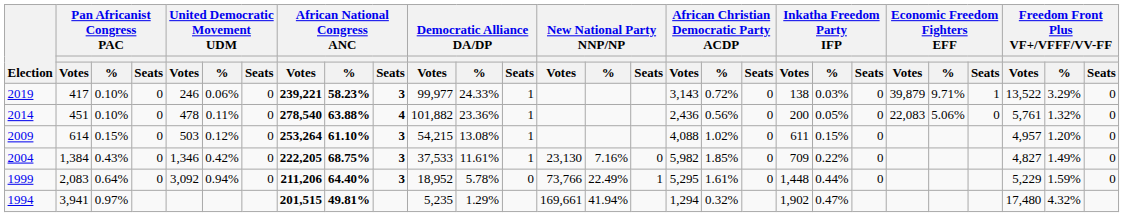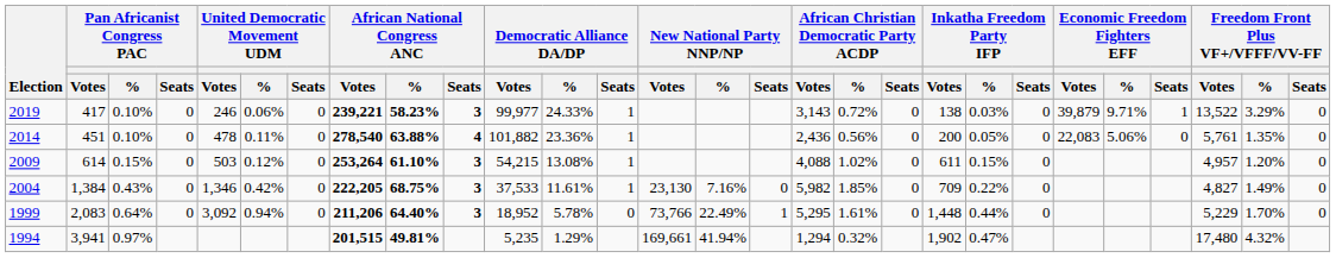 <table class="wikitable" border="1" style="font-size:80%; text-align:right;">
 <tr>
 <th style="text-align:left;" valign=bottom rowspan=3>Election</th>
 <th valign=bottom colspan=3><a href='#'>Pan Africanist<br>Congress</a><br>PAC</th>
 <th valign=bottom colspan=3><a href='#'>United Democratic<br>Movement</a><br>UDM</th>
 <th valign=bottom colspan=3><a href='#'>African National<br>Congress</a><br>ANC</th>
 <th valign=bottom colspan=3><a href='#'>Democratic Alliance</a><br>DA/DP</th>
 <th valign=bottom colspan=3><a href='#'>New National Party</a><br>NNP/NP</th>
 <th valign=bottom colspan=3><a href='#'>African Christian<br>Democratic Party</a><br>ACDP</th>
 <th valign=bottom colspan=3><a href='#'>Inkatha Freedom<br>Party</a><br>IFP</th>
 <th valign=bottom colspan=3><a href='#'>Economic Freedom<br>Fighters</a><br>EFF</th>
 <th valign=bottom colspan=3><a href='#'>Freedom Front<br>Plus</a><br>VF+/VFFF/VV-FF</th>
 </tr>
 <tr>
 <th colspan=3 style="background:"></th>
 <th colspan=3 style="background:"></th>
 <th colspan=3 style="background:"></th>
 <th colspan=3 style="background:"></th>
 <th colspan=3 style="background:"></th>
 <th colspan=3 style="background:"></th>
 <th colspan=3 style="background:"></th>
 <th colspan=3 style="background:"></th>
 <th colspan=3 style="background:"></th>
 </tr>
 <tr>
 <th>Votes</th>
 <th>%</th>
 <th>Seats</th>
 <th>Votes</th>
 <th>%</th>
 <th>Seats</th>
 <th>Votes</th>
 <th>%</th>
 <th>Seats</th>
 <th>Votes</th>
 <th>%</th>
 <th>Seats</th>
 <th>Votes</th>
 <th>%</th>
 <th>Seats</th>
 <th>Votes</th>
 <th>%</th>
 <th>Seats</th>
 <th>Votes</th>
 <th>%</th>
 <th>Seats</th>
 <th>Votes</th>
 <th>%</th>
 <th>Seats</th>
 <th>Votes</th>
 <th>%</th>
 <th>Seats</th>
 </tr>
 <tr>
 <td align=left><a href='#'>2019</a></td>
 <td>417</td>
 <td>0.10%</td>
 <td>0</td>
 <td>246</td>
 <td>0.06%</td>
 <td>0</td>
 <td><strong>239,221</strong></td>
 <td><strong>58.23%</strong></td>
 <td><strong>3</strong></td>
 <td>99,977</td>
 <td>24.33%</td>
 <td>1</td>
 <td></td>
 <td></td>
 <td></td>
 <td>3,143</td>
 <td>0.72%</td>
 <td>0</td>
 <td>138</td>
 <td>0.03%</td>
 <td>0</td>
 <td>39,879</td>
 <td>9.71%</td>
 <td>1</td>
 <td>13,522</td>
 <td>3.29%</td>
 <td>0</td>
 </tr>
 <tr>
 <td align=left><a href='#'>2014</a></td>
 <td>451</td>
 <td>0.10%</td>
 <td>0</td>
 <td>478</td>
 <td>0.11%</td>
 <td>0</td>
 <td><strong>278,540</strong></td>
 <td><strong>63.88%</strong></td>
 <td><strong>4</strong></td>
 <td>101,882</td>
 <td>23.36%</td>
 <td>1</td>
 <td></td>
 <td></td>
 <td></td>
 <td>2,436</td>
 <td>0.56%</td>
 <td>0</td>
 <td>200</td>
 <td>0.05%</td>
 <td>0</td>
 <td>22,083</td>
 <td>5.06%</td>
 <td>0</td>
 <td>5,761</td>
-<td>1.32%</td>
+<td>1.35%</td>
 <td>0</td>
 </tr>
 <tr>
 <td align=left><a href='#'>2009</a></td>
 <td>614</td>
 <td>0.15%</td>
 <td>0</td>
 <td>503</td>
 <td>0.12%</td>
 <td>0</td>
 <td><strong>253,264</strong></td>
 <td><strong>61.10%</strong></td>
 <td><strong>3</strong></td>
 <td>54,215</td>
 <td>13.08%</td>
 <td>1</td>
 <td></td>
 <td></td>
 <td></td>
 <td>4,088</td>
 <td>1.02%</td>
 <td>0</td>
 <td>611</td>
 <td>0.15%</td>
 <td>0</td>
 <td></td>
 <td></td>
 <td></td>
 <td>4,957</td>
 <td>1.20%</td>
 <td>0</td>
 </tr>
 <tr>
 <td align=left><a href='#'>2004</a></td>
 <td>1,384</td>
 <td>0.43%</td>
 <td>0</td>
 <td>1,346</td>
 <td>0.42%</td>
 <td>0</td>
 <td><strong>222,205</strong></td>
 <td><strong>68.75%</strong></td>
 <td><strong>3</strong></td>
 <td>37,533</td>
 <td>11.61%</td>
 <td>1</td>
 <td>23,130</td>
 <td>7.16%</td>
 <td>0</td>
 <td>5,982</td>
 <td>1.85%</td>
 <td>0</td>
 <td>709</td>
 <td>0.22%</td>
 <td>0</td>
 <td></td>
 <td></td>
 <td></td>
 <td>4,827</td>
 <td>1.49%</td>
 <td>0</td>
 </tr>
 <tr>
 <td align=left><a href='#'>1999</a></td>
 <td>2,083</td>
 <td>0.64%</td>
 <td>0</td>
 <td>3,092</td>
 <td>0.94%</td>
 <td>0</td>
 <td><strong>211,206</strong></td>
 <td><strong>64.40%</strong></td>
 <td><strong>3</strong></td>
 <td>18,952</td>
 <td>5.78%</td>
 <td>0</td>
 <td>73,766</td>
 <td>22.49%</td>
 <td>1</td>
 <td>5,295</td>
 <td>1.61%</td>
 <td>0</td>
 <td>1,448</td>
 <td>0.44%</td>
 <td>0</td>
 <td></td>
 <td></td>
 <td></td>
 <td>5,229</td>
-<td>1.59%</td>
+<td>1.70%</td>
 <td>0</td>
 </tr>
 <tr>
 <td align=left><a href='#'>1994</a></td>
 <td>3,941</td>
 <td>0.97%</td>
 <td></td>
 <td></td>
 <td></td>
 <td></td>
 <td><strong>201,515</strong></td>
 <td><strong>49.81%</strong></td>
 <td></td>
 <td>5,235</td>
 <td>1.29%</td>
 <td></td>
 <td>169,661</td>
 <td>41.94%</td>
 <td></td>
 <td>1,294</td>
 <td>0.32%</td>
 <td></td>
 <td>1,902</td>
 <td>0.47%</td>
 <td></td>
 <td></td>
 <td></td>
 <td></td>
 <td>17,480</td>
 <td>4.32%</td>
 <td></td>
 </tr>
 </table>
